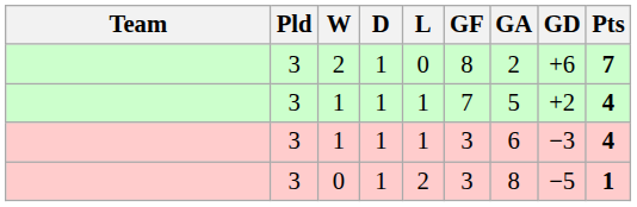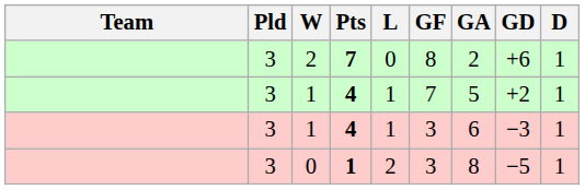 <table class="wikitable" style="text-align: center;">
 <tr>
 <th width=165>Team</th>
 <th width=20>Pld</th>
 <th width=20>W</th>
-<th width=20>D</th>
+<th width=20>Pts</th>
 <th width=20>L</th>
 <th width=20>GF</th>
 <th width=20>GA</th>
 <th width=20>GD</th>
-<th width=20>Pts</th>
+<th width=20>D</th>
 </tr>
 <tr bgcolor=ccffcc>
 <td style="text-align:left;"></td>
 <td>3</td>
 <td>2</td>
-<td>1</td>
+<td><strong>7</strong></td>
 <td>0</td>
 <td>8</td>
 <td>2</td>
 <td>+6</td>
-<td><strong>7</strong></td>
+<td>1</td>
 </tr>
 <tr bgcolor=ccffcc>
 <td style="text-align:left;"></td>
 <td>3</td>
 <td>1</td>
-<td>1</td>
+<td><strong>4</strong></td>
 <td>1</td>
 <td>7</td>
 <td>5</td>
 <td>+2</td>
-<td><strong>4</strong></td>
+<td>1</td>
 </tr>
 <tr bgcolor=#ffcccc>
 <td style="text-align:left;"></td>
 <td>3</td>
 <td>1</td>
-<td>1</td>
+<td><strong>4</strong></td>
 <td>1</td>
 <td>3</td>
 <td>6</td>
 <td>−3</td>
-<td><strong>4</strong></td>
+<td>1</td>
 </tr>
 <tr bgcolor=#ffcccc>
 <td style="text-align:left;"></td>
 <td>3</td>
 <td>0</td>
-<td>1</td>
+<td><strong>1</strong></td>
 <td>2</td>
 <td>3</td>
 <td>8</td>
 <td>−5</td>
-<td><strong>1</strong></td>
+<td>1</td>
 </tr>
 </table>
